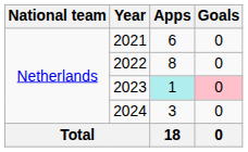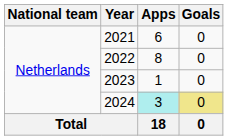 <table class="wikitable" style="text-align:center">
 <tr>
 <th>National team</th>
 <th>Year</th>
 <th>Apps</th>
 <th>Goals</th>
 </tr>
 <tr>
 <td rowspan="4"><a href='#'>Netherlands</a></td>
 <td>2021</td>
 <td>6</td>
 <td>0</td>
 </tr>
 <tr>
 <td>2022</td>
 <td>8</td>
 <td>0</td>
 </tr>
 <tr>
 <td>2023</td>
-<td style="background: paleturquoise;">1</td>
-<td style="background: pink;">0</td>
+<td>1</td>
+<td>0</td>
 </tr>
 <tr>
 <td>2024</td>
-<td>3</td>
-<td>0</td>
+<td style="background: paleturquoise;">3</td>
+<td style="background: khaki;">0</td>
 </tr>
 <tr>
 <th colspan="2">Total</th>
 <th>18</th>
 <th>0</th>
 </tr>
 </table>
